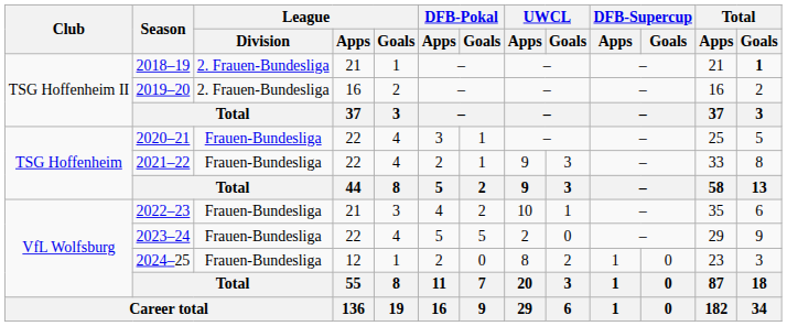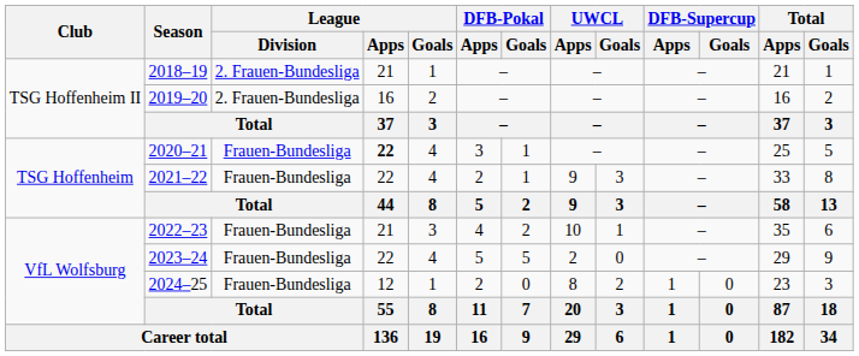 <table class="wikitable" style="text-align:center">
 <tr>
 <th rowspan="2">Club</th>
 <th rowspan="2">Season</th>
 <th colspan="3">League</th>
 <th colspan="2"><a href='#'>DFB-Pokal</a></th>
 <th colspan="2"><a href='#'>UWCL</a></th>
 <th colspan="2"><a href='#'>DFB-Supercup</a></th>
 <th colspan="2">Total</th>
 </tr>
 <tr>
 <th>Division</th>
 <th>Apps</th>
 <th>Goals</th>
 <th>Apps</th>
 <th>Goals</th>
 <th>Apps</th>
 <th>Goals</th>
 <th>Apps</th>
 <th>Goals</th>
 <th>Apps</th>
 <th>Goals</th>
 </tr>
 <tr>
 <td rowspan="3">TSG Hoffenheim II</td>
 <td><a href='#'>2018–19</a></td>
 <td><a href='#'>2. Frauen-Bundesliga</a></td>
 <td>21</td>
 <td>1</td>
 <td colspan="2">–</td>
 <td colspan="2">–</td>
 <td colspan="2">–</td>
 <td>21</td>
-<td><strong>1</strong></td>
+<td>1</td>
 </tr>
 <tr>
 <td><a href='#'>2019–20</a></td>
 <td>2. Frauen-Bundesliga</td>
 <td>16</td>
 <td>2</td>
 <td colspan="2">–</td>
 <td colspan="2">–</td>
 <td colspan="2">–</td>
 <td>16</td>
 <td>2</td>
 </tr>
 <tr>
 <th colspan="2">Total</th>
 <th>37</th>
 <th>3</th>
 <th colspan="2">–</th>
 <th colspan="2">–</th>
 <th colspan="2">–</th>
 <th>37</th>
 <th>3</th>
 </tr>
 <tr>
 <td rowspan="3"><a href='#'>TSG Hoffenheim</a></td>
 <td><a href='#'>2020–21</a></td>
 <td><a href='#'>Frauen-Bundesliga</a></td>
-<td>22</td>
+<td><strong>22</strong></td>
 <td>4</td>
 <td>3</td>
 <td>1</td>
 <td colspan="2">–</td>
 <td colspan="2">–</td>
 <td>25</td>
 <td>5</td>
 </tr>
 <tr>
 <td><a href='#'>2021–22</a></td>
 <td>Frauen-Bundesliga</td>
 <td>22</td>
 <td>4</td>
 <td>2</td>
 <td>1</td>
 <td>9</td>
 <td>3</td>
 <td colspan="2">–</td>
 <td>33</td>
 <td>8</td>
 </tr>
 <tr>
 <th colspan="2">Total</th>
 <th>44</th>
 <th>8</th>
 <th>5</th>
 <th>2</th>
 <th>9</th>
 <th>3</th>
 <th colspan="2">–</th>
 <th>58</th>
 <th>13</th>
 </tr>
 <tr>
 <td rowspan="4"><a href='#'>VfL Wolfsburg</a></td>
 <td><a href='#'>2022–23</a></td>
 <td>Frauen-Bundesliga</td>
 <td>21</td>
 <td>3</td>
 <td>4</td>
 <td>2</td>
 <td>10</td>
 <td>1</td>
 <td colspan="2">–</td>
 <td>35</td>
 <td>6</td>
 </tr>
 <tr>
 <td><a href='#'>2023–24</a></td>
 <td>Frauen-Bundesliga</td>
 <td>22</td>
 <td>4</td>
 <td>5</td>
 <td>5</td>
 <td>2</td>
 <td>0</td>
 <td colspan="2">–</td>
 <td>29</td>
 <td>9</td>
 </tr>
 <tr>
 <td><a href='#'>2024</a><a href='#'>–</a>25</td>
 <td>Frauen-Bundesliga</td>
 <td>12</td>
 <td>1</td>
 <td>2</td>
 <td>0</td>
 <td>8</td>
 <td>2</td>
 <td>1</td>
 <td>0</td>
 <td>23</td>
 <td>3</td>
 </tr>
 <tr>
 <th colspan="2">Total</th>
 <th>55</th>
 <th>8</th>
 <th>11</th>
 <th>7</th>
 <th>20</th>
 <th>3</th>
 <th>1</th>
 <th>0</th>
 <th>87</th>
 <th>18</th>
 </tr>
 <tr>
 <th colspan="3">Career total</th>
 <th>136</th>
 <th>19</th>
 <th>16</th>
 <th>9</th>
 <th>29</th>
 <th>6</th>
 <th>1</th>
 <th>0</th>
 <th>182</th>
 <th>34</th>
 </tr>
 </table>
